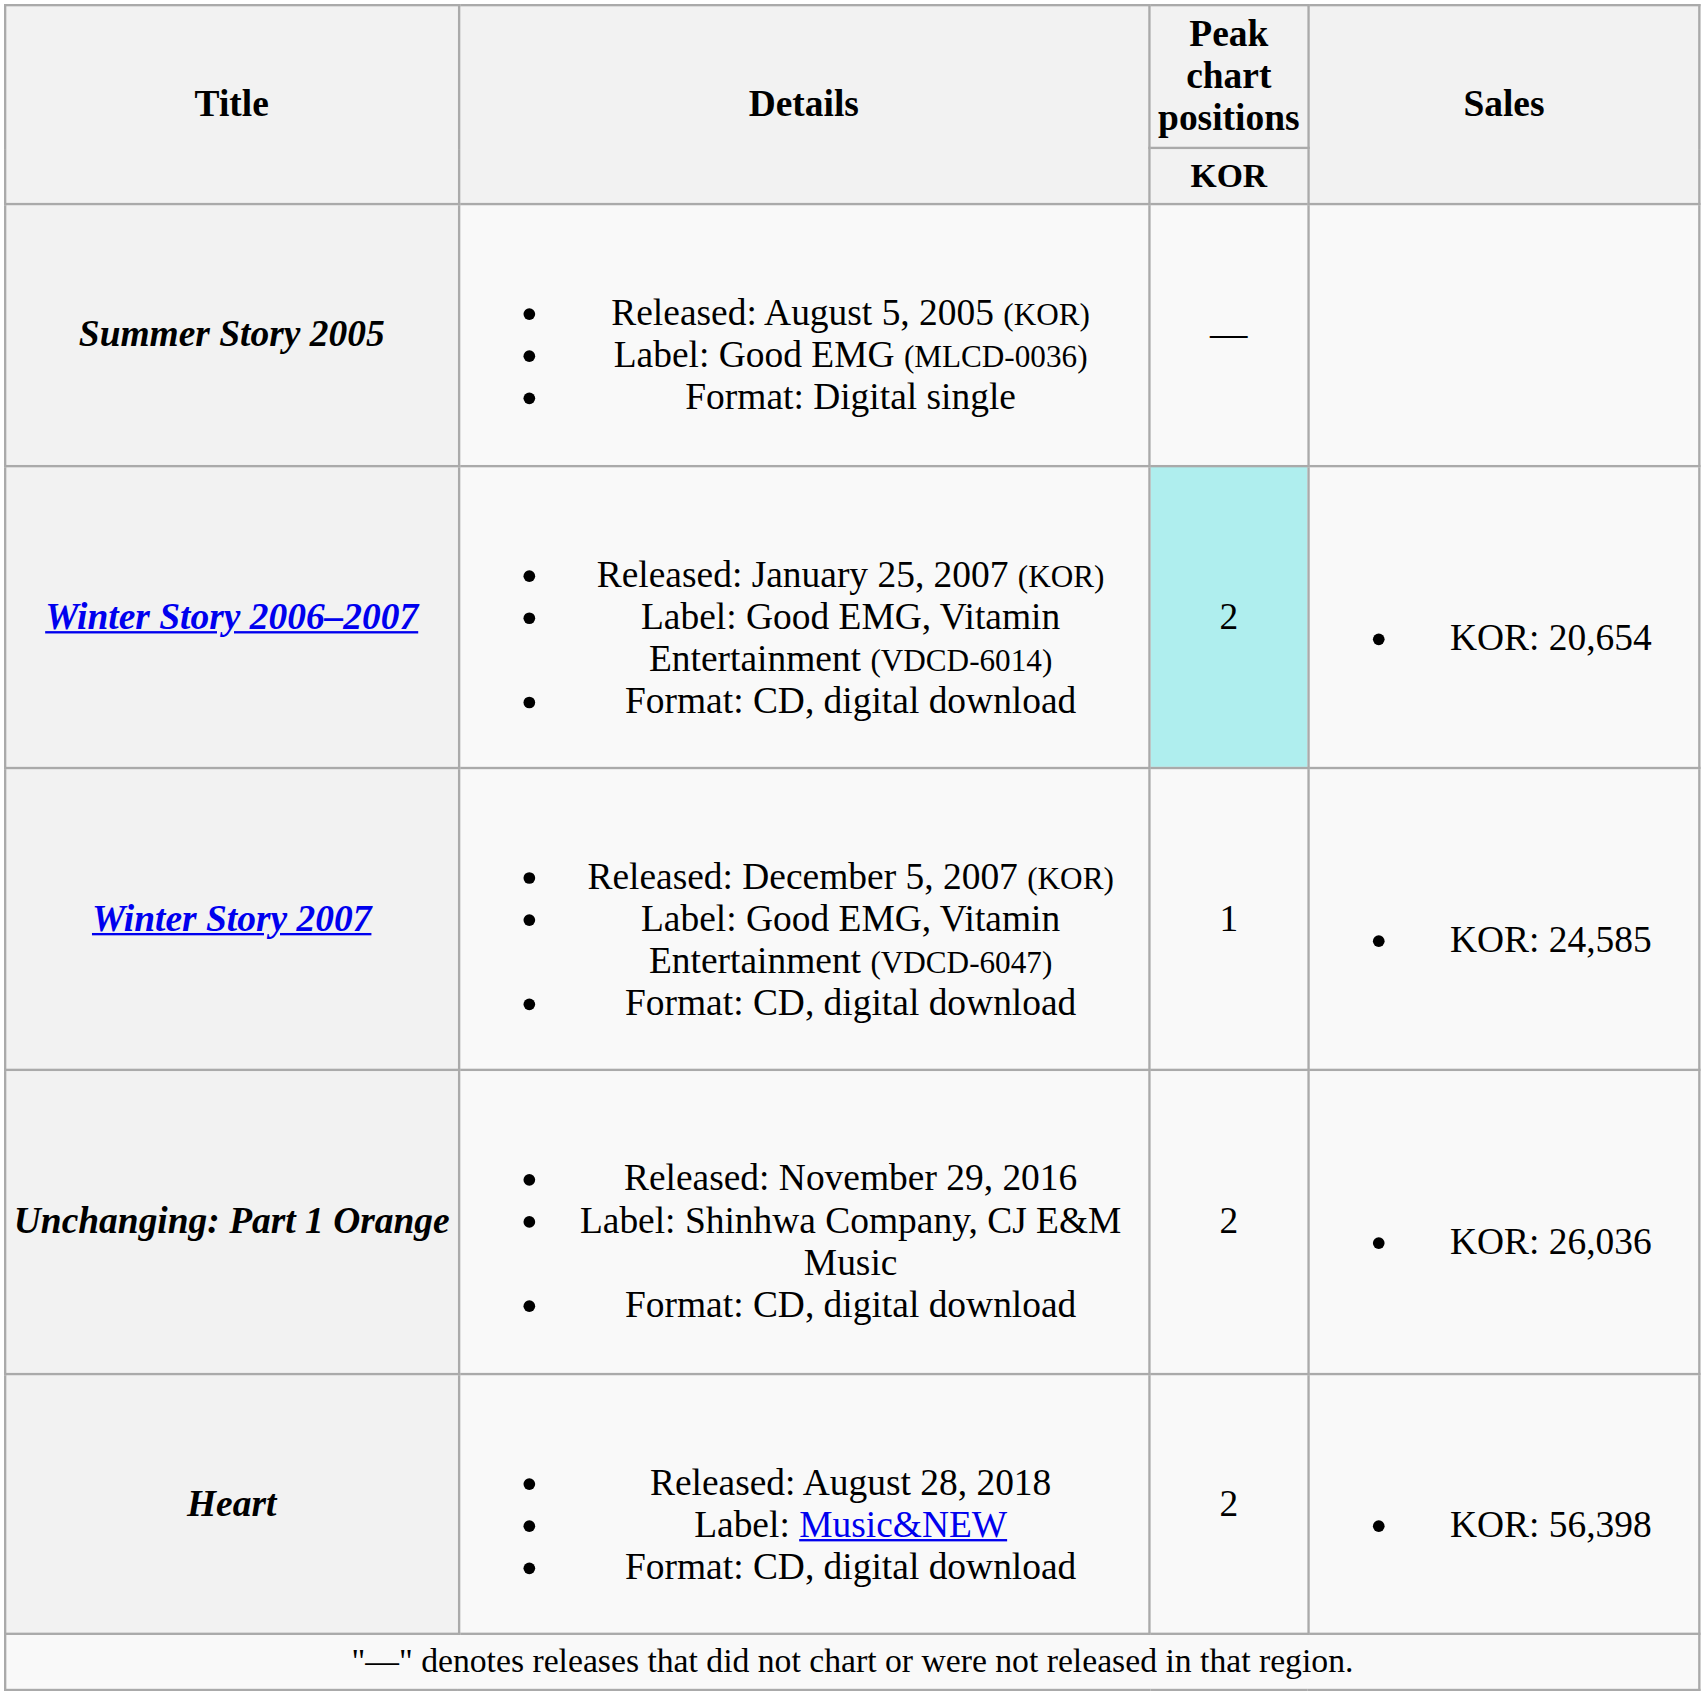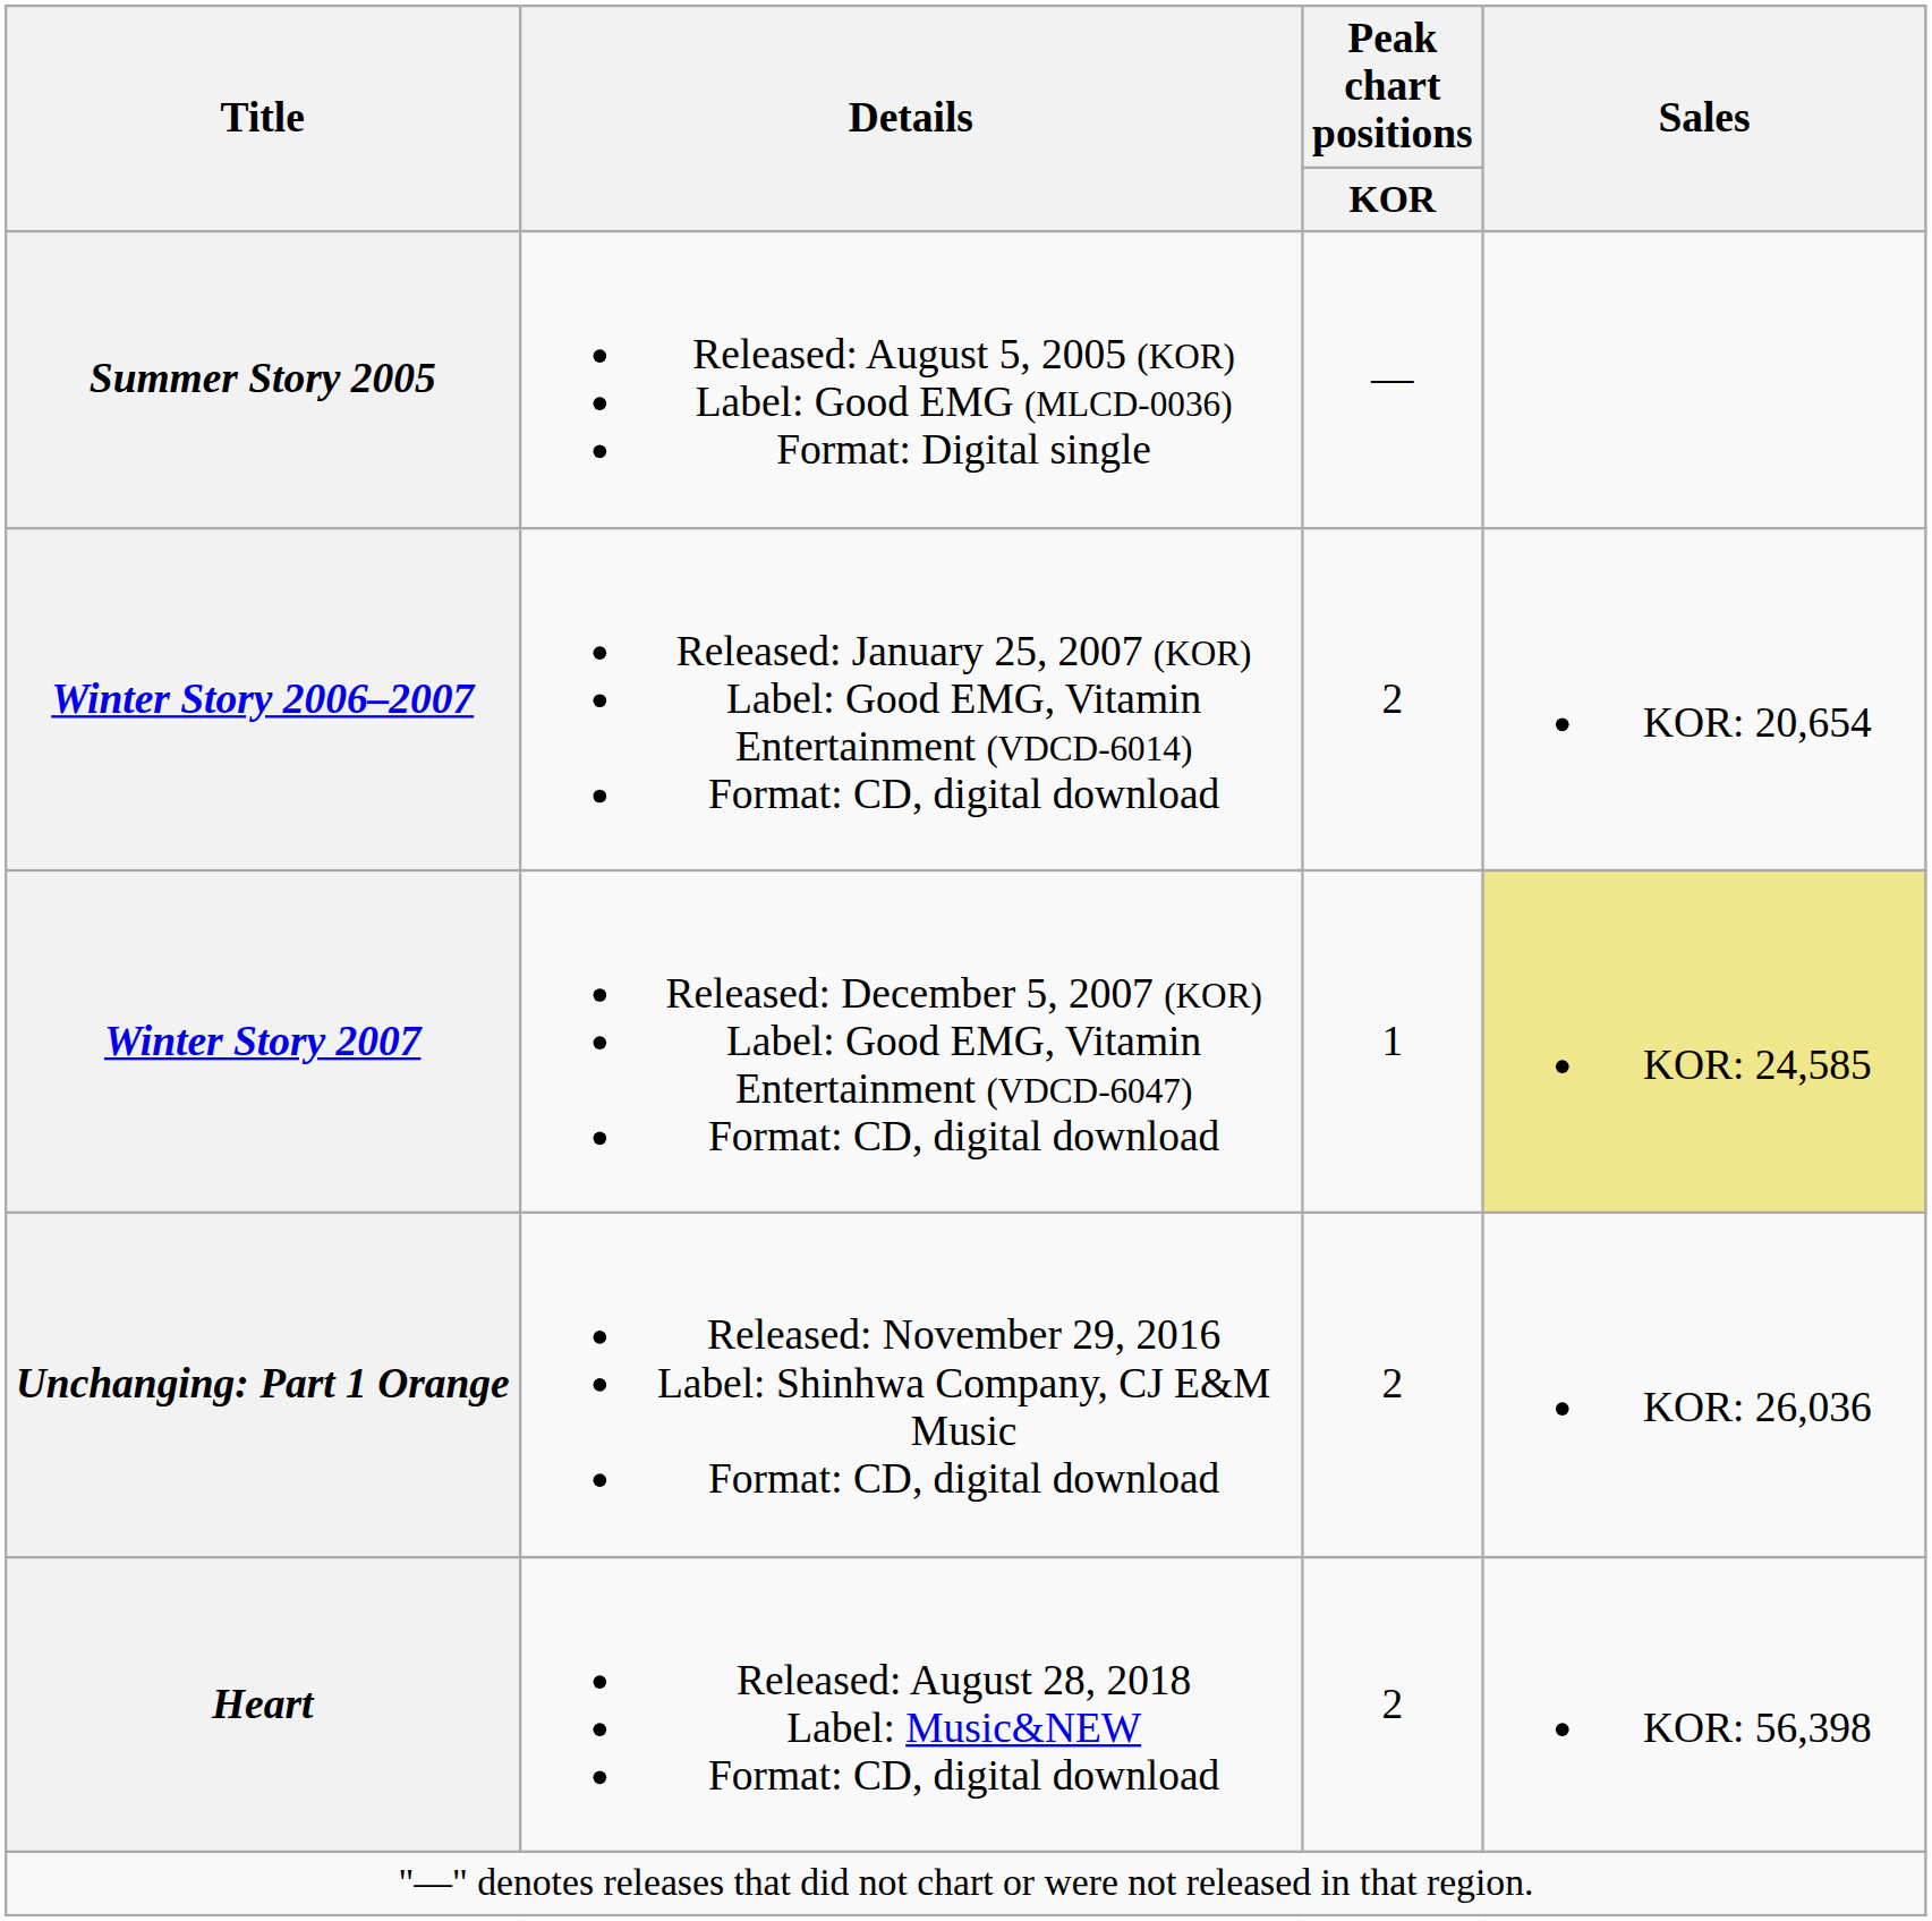 <table class="wikitable plainrowheaders" style="text-align:center;">
 <tr>
 <th scope="col" rowspan="2">Title</th>
 <th scope="col" rowspan="2" style="width:18em;">Details</th>
 <th scope="col" colspan="1">Peak chart positions</th>
 <th scope="col" rowspan="2" style="width:10em;">Sales</th>
 </tr>
 <tr>
 <th scope="col" style="width:3em;font-size:90%;">KOR<br></th>
 </tr>
 <tr>
 <th scope="row"><em>Summer Story 2005</em></th>
 <td><br><ul><li>Released: August 5, 2005 <small>(KOR)</small></li><li>Label: Good EMG <small>(MLCD-0036)</small></li><li>Format: Digital single</li></ul></td>
 <td>—</td>
 <td></td>
 </tr>
 <tr>
 <th scope="row"><em><a href='#'>Winter Story 2006–2007</a></em></th>
 <td><br><ul><li>Released: January 25, 2007 <small>(KOR)</small></li><li>Label: Good EMG, Vitamin Entertainment <small>(VDCD-6014)</small></li><li>Format: CD, digital download</li></ul></td>
-<td style="background: paleturquoise;">2</td>
+<td>2</td>
 <td><br><ul><li>KOR: 20,654</li></ul></td>
 </tr>
 <tr>
 <th scope="row"><em><a href='#'>Winter Story 2007</a></em></th>
 <td><br><ul><li>Released: December 5, 2007 <small>(KOR)</small></li><li>Label: Good EMG, Vitamin Entertainment <small>(VDCD-6047)</small></li><li>Format: CD, digital download</li></ul></td>
 <td>1</td>
-<td><br><ul><li>KOR: 24,585</li></ul></td>
+<td style="background: khaki;"><br><ul><li>KOR: 24,585</li></ul></td>
 </tr>
 <tr>
 <th scope="row"><em>Unchanging: Part 1 Orange</em></th>
 <td><br><ul><li>Released: November 29, 2016</li><li>Label: Shinhwa Company, CJ E&M Music</li><li>Format: CD, digital download</li></ul></td>
 <td>2</td>
 <td><br><ul><li>KOR: 26,036</li></ul></td>
 </tr>
 <tr>
 <th scope="row"><em>Heart</em></th>
 <td><br><ul><li>Released: August 28, 2018</li><li>Label: <a href='#'>Music&NEW</a></li><li>Format: CD, digital download</li></ul></td>
 <td>2</td>
 <td><br><ul><li>KOR: 56,398</li></ul></td>
 </tr>
 <tr>
 <td colspan="5" style="font-size:90%">"—" denotes releases that did not chart or were not released in that region.</td>
 </tr>
 </table>
